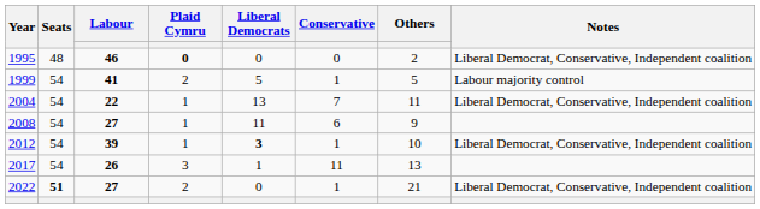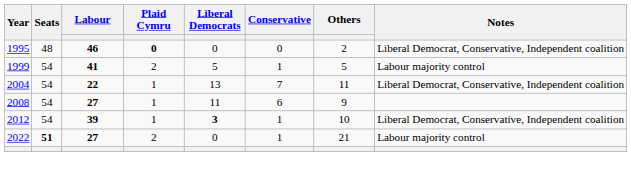 <table class="wikitable" style=text-align:center>
 <tr>
 <th rowspan=2>Year</th>
 <th rowspan=2>Seats</th>
 <th width="80"><a href='#'>Labour</a></th>
 <th width="80"><a href='#'>Plaid Cymru</a></th>
 <th width="80"><a href='#'>Liberal Democrats</a></th>
 <th width="80"><a href='#'>Conservative</a></th>
 <th width="80">Others</th>
 <th rowspan=2>Notes</th>
 </tr>
 <tr>
 <th style="background-color: "></th>
 <th style="background-color: "></th>
 <th style="background-color: "></th>
 <th style="background-color: "></th>
 <th style="background-color: "></th>
 </tr>
 <tr>
 <td><a href='#'>1995</a></td>
 <td>48</td>
 <td><strong>46</strong></td>
 <td><strong>0</strong></td>
 <td>0</td>
 <td>0</td>
 <td>2</td>
 <td align=left>Liberal Democrat, Conservative, Independent coalition</td>
 </tr>
 <tr>
 <td><a href='#'>1999</a></td>
 <td>54</td>
 <td><strong>41</strong></td>
 <td>2</td>
 <td>5</td>
 <td>1</td>
 <td>5</td>
 <td align=left>Labour majority control</td>
 </tr>
 <tr>
 <td><a href='#'>2004</a></td>
 <td>54</td>
 <td><strong>22</strong></td>
 <td>1</td>
 <td>13</td>
 <td>7</td>
 <td>11</td>
 <td align=left>Liberal Democrat, Conservative, Independent coalition</td>
 </tr>
 <tr>
 <td><a href='#'>2008</a></td>
 <td>54</td>
 <td><strong>27</strong></td>
 <td>1</td>
 <td>11</td>
 <td>6</td>
 <td>9</td>
 <td align=left></td>
 </tr>
 <tr>
 <td><a href='#'>2012</a></td>
 <td>54</td>
 <td><strong>39</strong></td>
 <td>1</td>
 <td><strong>3</strong></td>
 <td>1</td>
 <td>10</td>
 <td align=left>Liberal Democrat, Conservative, Independent coalition</td>
 </tr>
 <tr>
-<td><a href='#'>2017</a></td>
-<td>54</td>
-<td><strong>26</strong></td>
-<td>3</td>
-<td>1</td>
-<td>11</td>
-<td>13</td>
-<td align=left></td>
-</tr>
-<tr>
 <td><a href='#'>2022</a></td>
 <td><strong>51</strong></td>
 <td><strong>27</strong></td>
 <td>2</td>
 <td>0</td>
 <td>1</td>
 <td>21</td>
-<td align=left>Liberal Democrat, Conservative, Independent coalition</td>
+<td align=left>Labour majority control</td>
 </tr>
 <tr>
 <th></th>
 <th></th>
 <th style="background-color: "></th>
 <th style="background-color: "></th>
 <th style="background-color: "></th>
 <th style="background-color: "></th>
 <th style="background-color: "></th>
 <th></th>
 </tr>
 </table>
